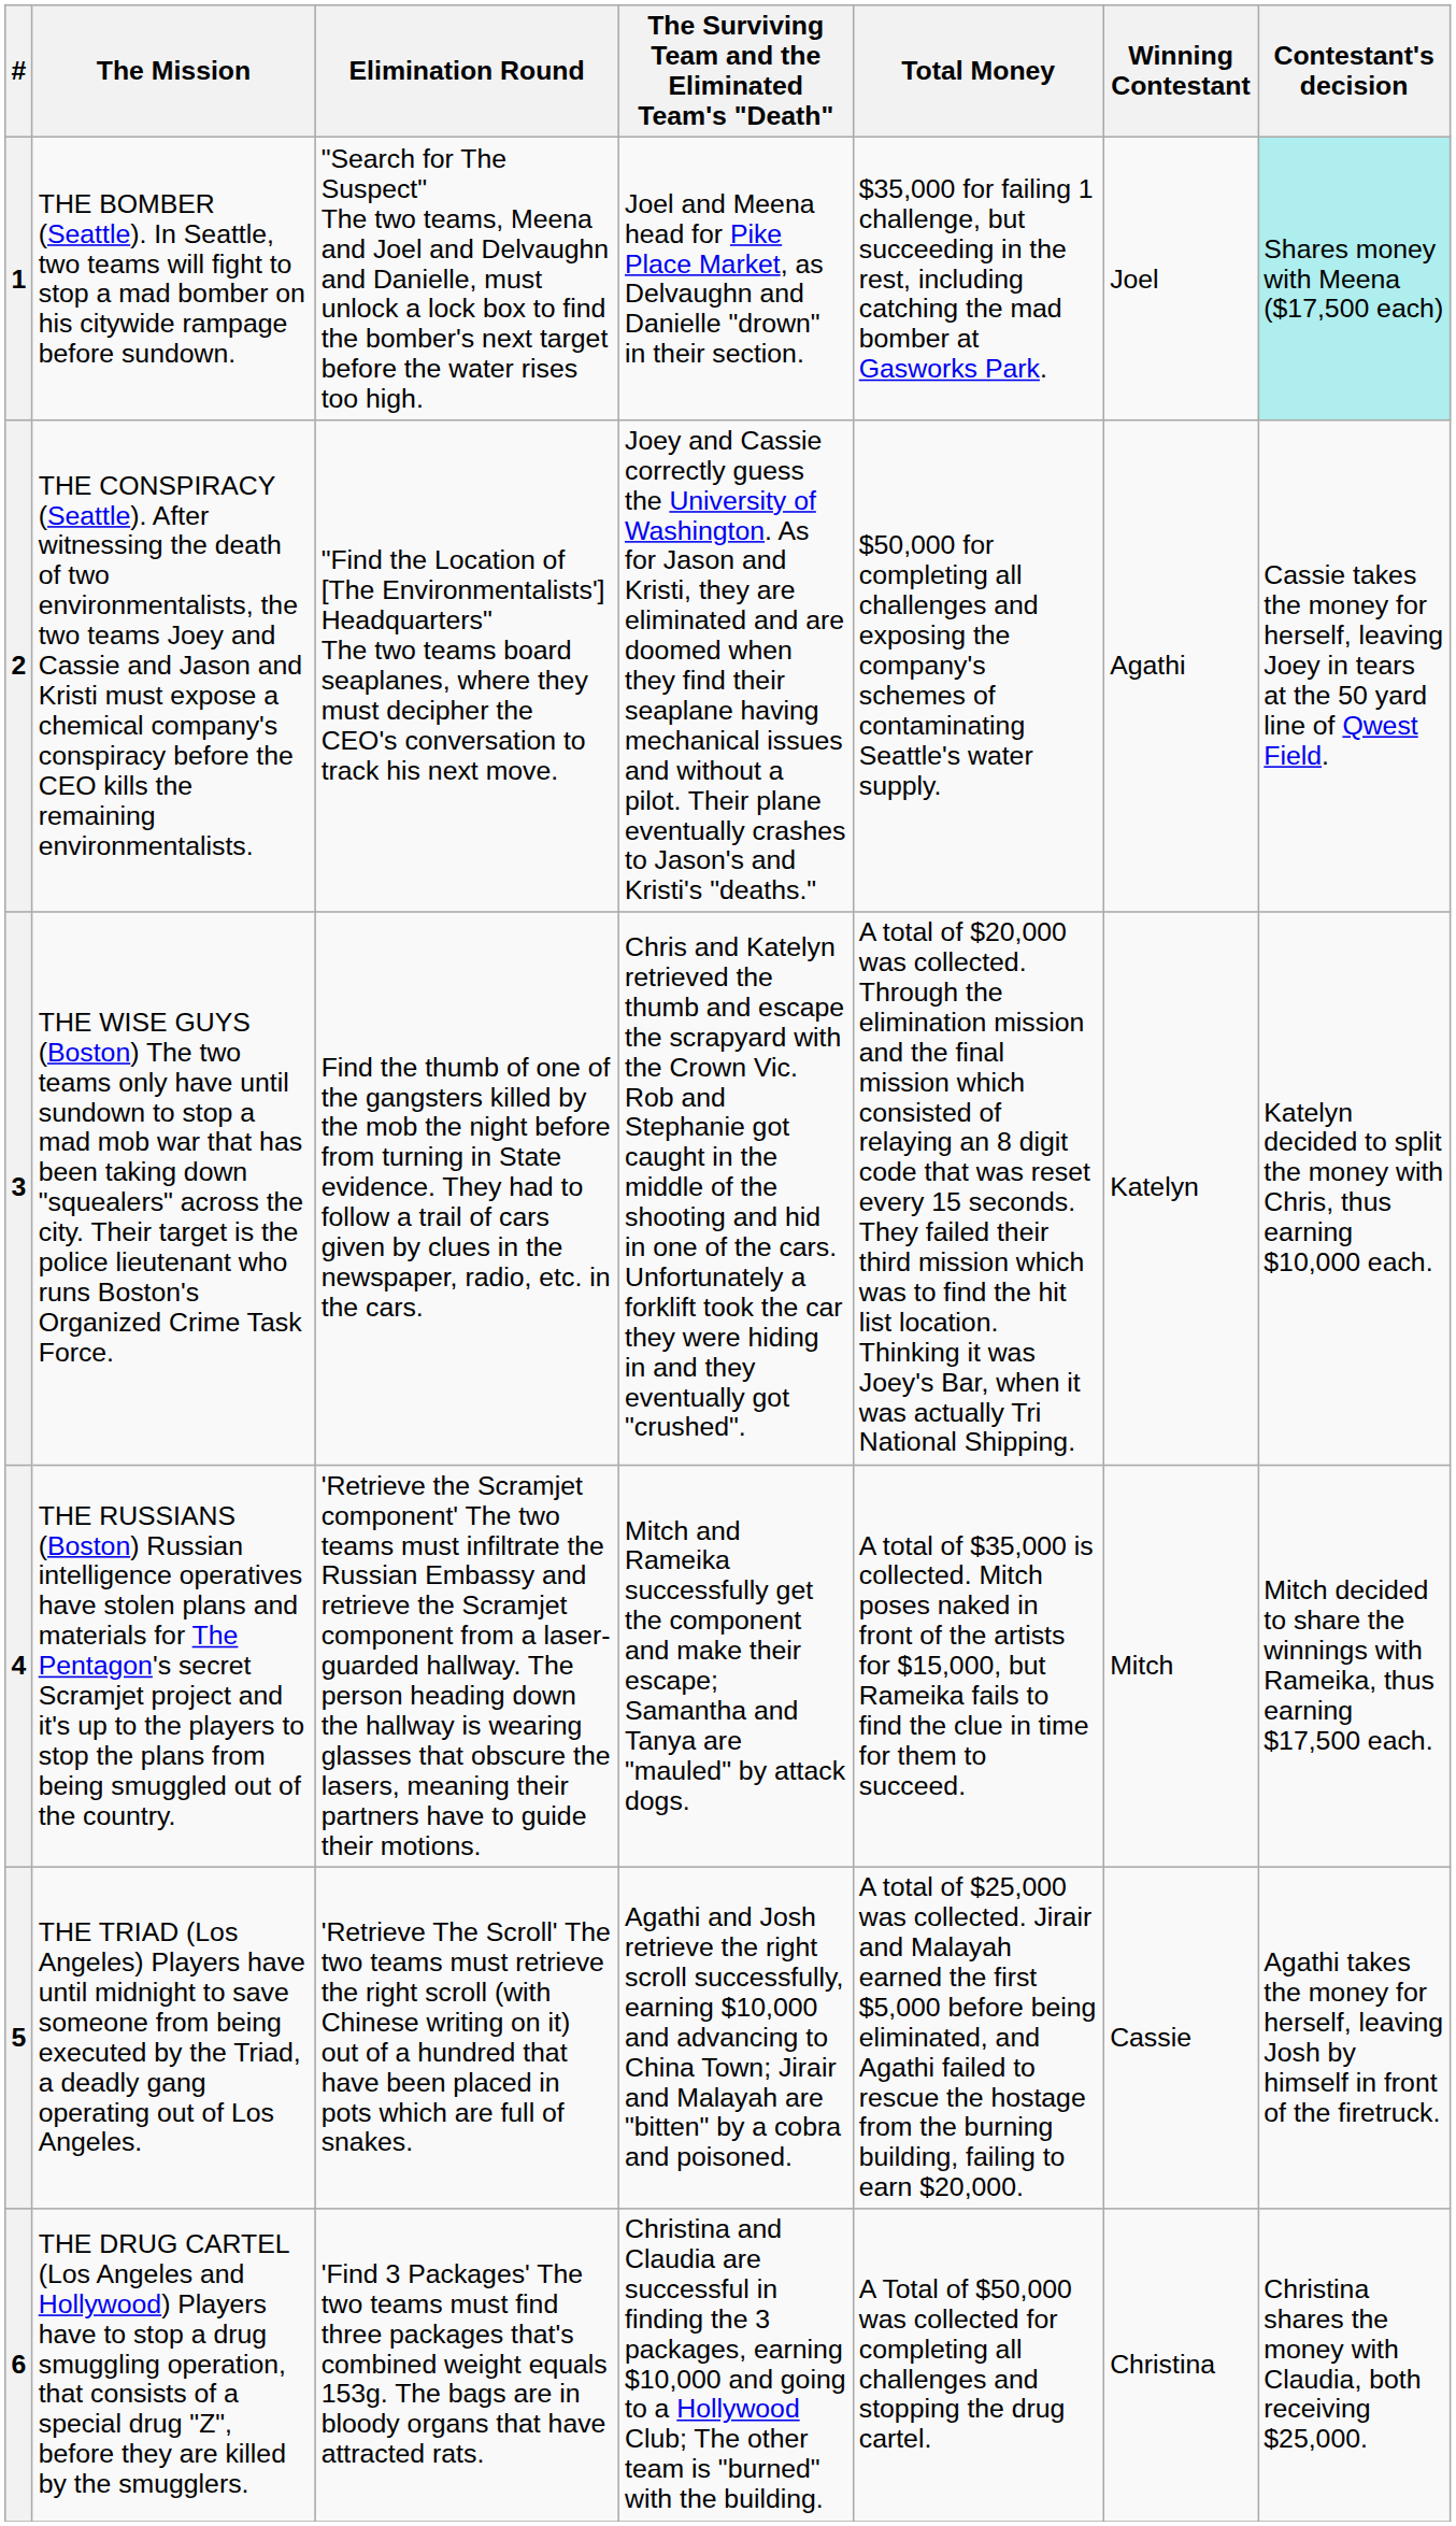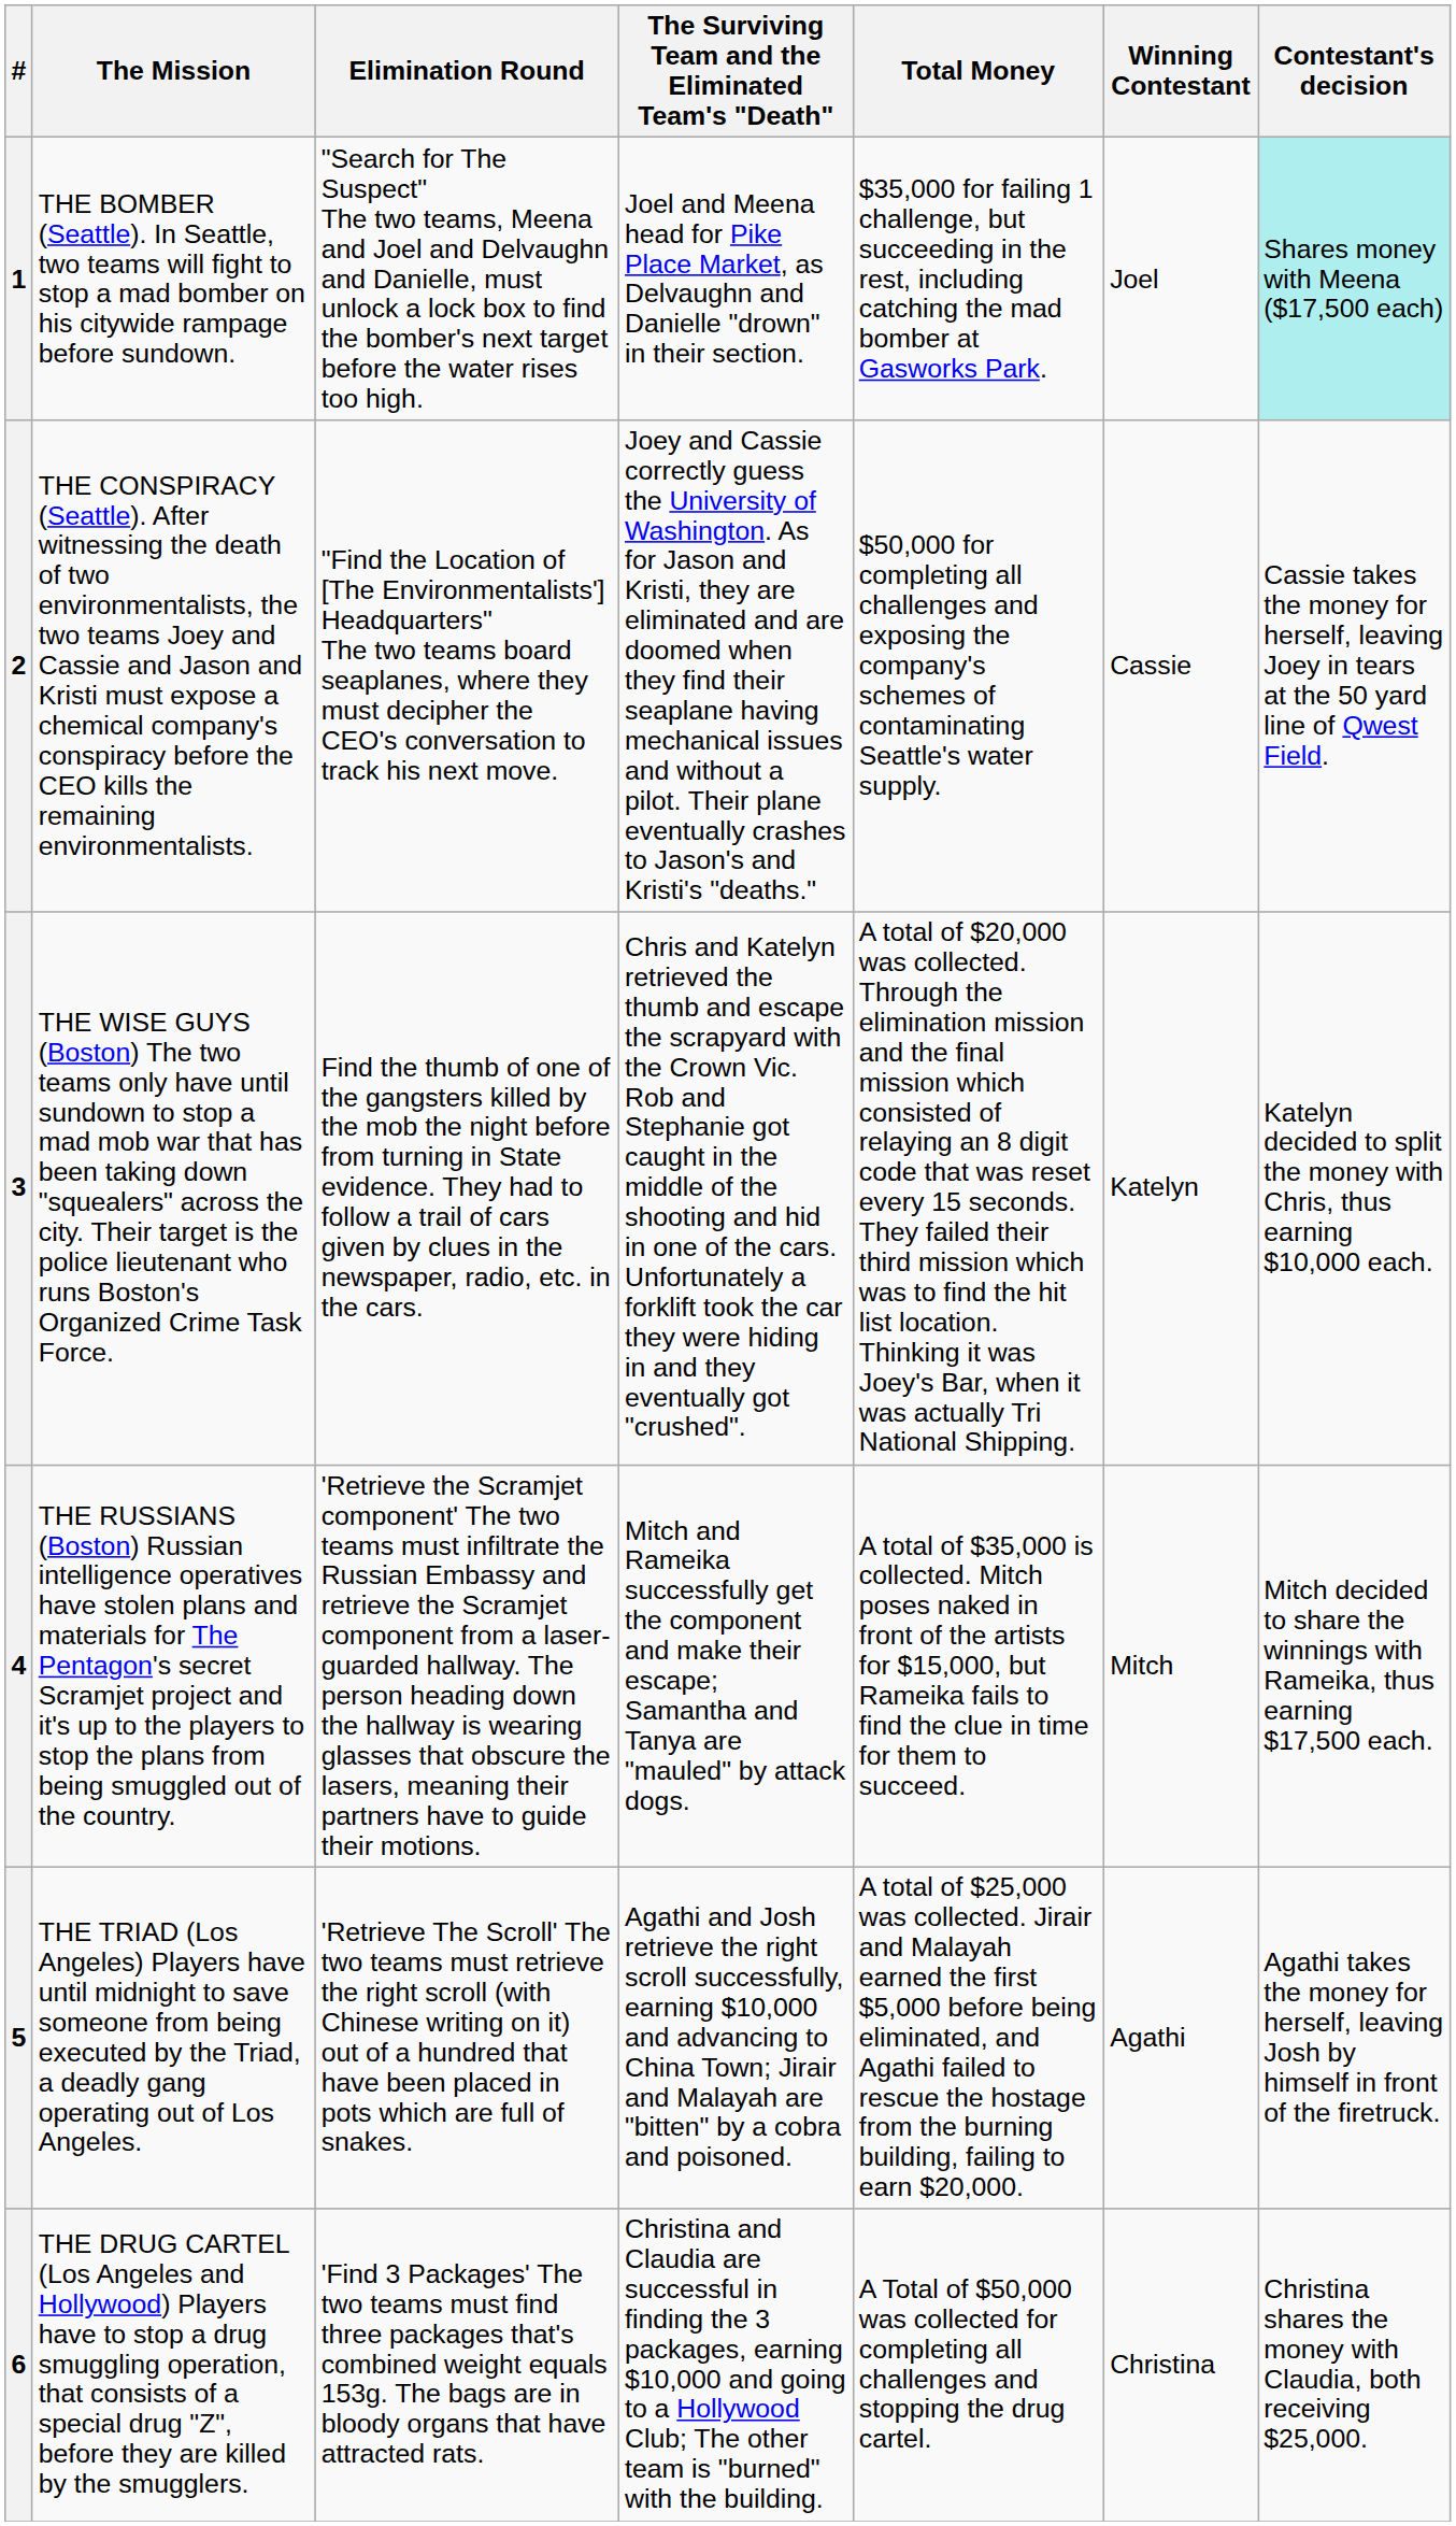 <table class="wikitable" border="2">
 <tr>
 <th>#</th>
 <th>The Mission</th>
 <th>Elimination Round</th>
 <th>The Surviving Team and the Eliminated Team's "Death"</th>
 <th>Total Money</th>
 <th>Winning Contestant</th>
 <th>Contestant's decision</th>
 </tr>
 <tr>
 <th>1</th>
 <td>THE BOMBER (<a href='#'>Seattle</a>). In Seattle, two teams will fight to stop a mad bomber on his citywide rampage before sundown.</td>
 <td>"Search for The Suspect"<br>The two teams, Meena and Joel and Delvaughn and Danielle, must unlock a lock box to find the bomber's next target before the water rises too high.</td>
 <td>Joel and Meena head for <a href='#'>Pike Place Market</a>, as Delvaughn and Danielle "drown" in their section.</td>
 <td>$35,000 for failing 1 challenge, but succeeding in the rest, including catching the mad bomber at <a href='#'>Gasworks Park</a>.</td>
 <td>Joel</td>
 <td style="background: paleturquoise;">Shares money with Meena ($17,500 each)</td>
 </tr>
 <tr>
 <th>2</th>
 <td>THE CONSPIRACY (<a href='#'>Seattle</a>). After witnessing the death of two environmentalists, the two teams Joey and Cassie and Jason and Kristi must expose a chemical company's conspiracy before the CEO kills the remaining environmentalists.</td>
 <td>"Find the Location of [The Environmentalists'] Headquarters"<br>The two teams board seaplanes, where they must decipher the CEO's conversation to track his next move.</td>
 <td>Joey and Cassie correctly guess the <a href='#'>University of Washington</a>.  As for Jason and Kristi, they are eliminated and are doomed when they find their seaplane having mechanical issues and without a pilot.  Their plane eventually crashes to Jason's and Kristi's "deaths."</td>
 <td>$50,000 for completing all challenges and exposing the company's schemes of contaminating Seattle's water supply.</td>
-<td>Agathi</td>
+<td>Cassie</td>
 <td>Cassie takes the money for herself, leaving Joey in tears at the 50 yard line of <a href='#'>Qwest Field</a>.</td>
 </tr>
 <tr>
 <th>3</th>
 <td>THE WISE GUYS (<a href='#'>Boston</a>) The two teams only have until sundown to stop a mad mob war that has been taking down "squealers" across the city. Their target is the police lieutenant who runs Boston's Organized Crime Task Force.</td>
 <td>Find the thumb of one of the gangsters killed by the mob the night before from turning in State evidence. They had to follow a trail of cars given by clues in the newspaper, radio, etc. in the cars.</td>
 <td>Chris and Katelyn retrieved the thumb and escape the scrapyard with the Crown Vic. Rob and Stephanie got caught in the middle of the shooting and hid in one of the cars. Unfortunately a forklift took the car they were hiding in and they eventually got "crushed".</td>
 <td>A total of $20,000 was collected. Through the elimination mission and the final mission which consisted of relaying an 8 digit code that was reset every 15 seconds. They failed their third mission which was to find the hit list location. Thinking it was Joey's Bar, when it was actually Tri National Shipping.</td>
 <td>Katelyn</td>
 <td>Katelyn decided to split the money with Chris, thus earning $10,000 each.</td>
 </tr>
 <tr>
 <th>4</th>
 <td>THE RUSSIANS (<a href='#'>Boston</a>) Russian intelligence operatives have stolen plans and materials for <a href='#'>The Pentagon</a>'s secret Scramjet project and it's up to the players to stop the plans from being smuggled out of the country.</td>
 <td>'Retrieve the Scramjet component' The two teams must infiltrate the Russian Embassy and retrieve the Scramjet component from a laser-guarded hallway. The person heading down the hallway is wearing glasses that obscure the lasers, meaning their partners have to guide their motions.</td>
 <td>Mitch and Rameika successfully get the component and make their escape; Samantha and Tanya are "mauled" by attack dogs.</td>
 <td>A total of $35,000 is collected. Mitch poses naked in front of the artists for $15,000, but Rameika fails to find the clue in time for them to succeed.</td>
 <td>Mitch</td>
 <td>Mitch decided to share the winnings with Rameika, thus earning $17,500 each.</td>
 </tr>
 <tr>
 <th>5</th>
 <td>THE TRIAD (Los Angeles) Players have until midnight to save someone from being executed by the Triad, a deadly gang operating out of Los Angeles.</td>
 <td>'Retrieve The Scroll' The two teams must retrieve the right scroll (with Chinese writing on it) out of a hundred that have been placed in pots which are full of snakes.</td>
 <td>Agathi and Josh retrieve the right scroll successfully, earning $10,000 and advancing to China Town; Jirair and Malayah are "bitten" by a cobra and poisoned.</td>
 <td>A total of $25,000 was collected. Jirair and Malayah earned the first $5,000 before being eliminated, and Agathi failed to rescue the hostage from the burning building, failing to earn $20,000.</td>
-<td>Cassie</td>
+<td>Agathi</td>
 <td>Agathi takes the money for herself, leaving Josh by himself in front of the firetruck.</td>
 </tr>
 <tr>
 <th>6</th>
 <td>THE DRUG CARTEL (Los Angeles and <a href='#'>Hollywood</a>) Players have to stop a drug smuggling operation, that consists of a special drug "Z", before they are killed by the smugglers.</td>
 <td>'Find 3 Packages' The two teams must find three packages that's combined weight equals 153g.  The bags are in bloody organs that have attracted rats.</td>
 <td>Christina and Claudia are successful in finding the 3 packages, earning $10,000 and going to a <a href='#'>Hollywood</a> Club; The other team is "burned" with the building.</td>
 <td>A Total of $50,000 was collected for completing all challenges and stopping the drug cartel.</td>
 <td>Christina</td>
 <td>Christina shares the money with Claudia, both receiving $25,000.</td>
 </tr>
 <tr>
 </tr>
 </table>
